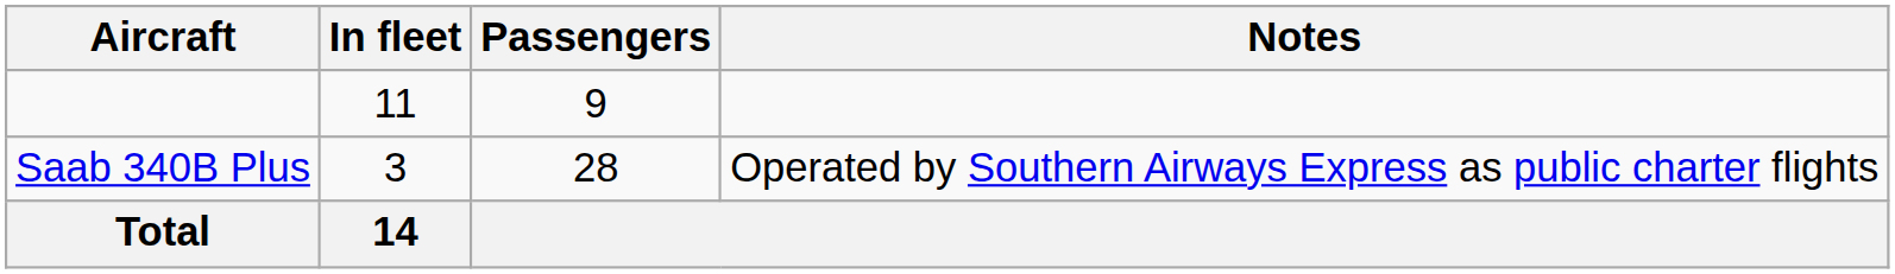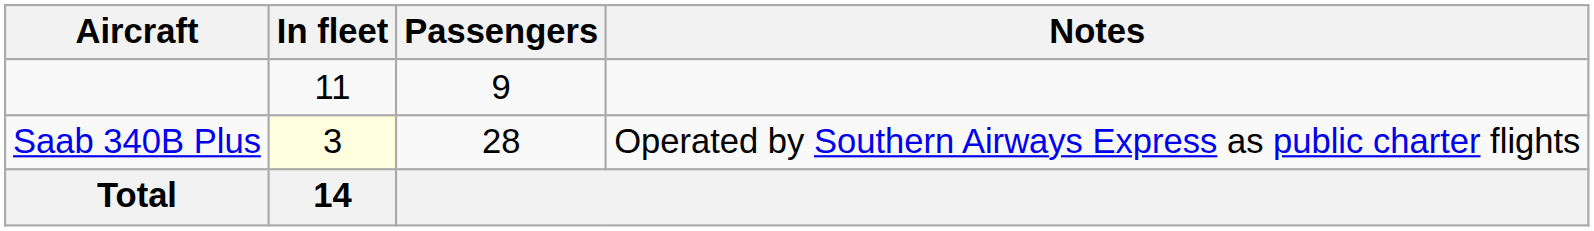 <table class="wikitable" style="text-align: center">
 <tr>
 <th>Aircraft</th>
 <th>In fleet</th>
 <th>Passengers</th>
 <th>Notes</th>
 </tr>
 <tr>
 <td></td>
 <td>11</td>
 <td>9</td>
 <td></td>
 </tr>
 <tr>
 <td><a href='#'>Saab 340B Plus</a></td>
-<td>3</td>
+<td style="background: lightyellow;">3</td>
 <td>28</td>
 <td>Operated by <a href='#'>Southern Airways Express</a> as <a href='#'>public charter</a> flights</td>
 </tr>
 <tr>
 <th>Total</th>
 <th>14</th>
 <th colspan="2"></th>
 </tr>
 </table>
